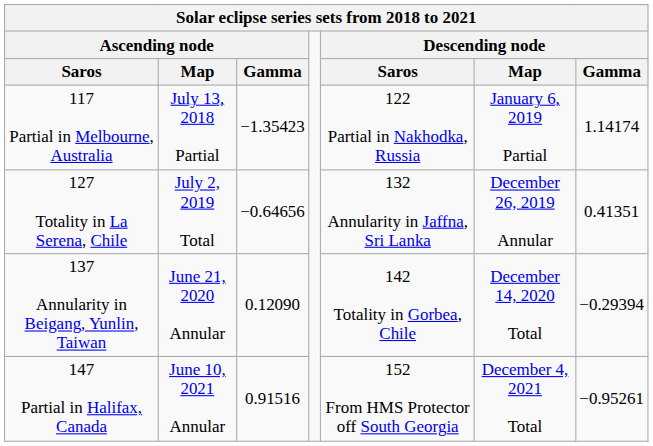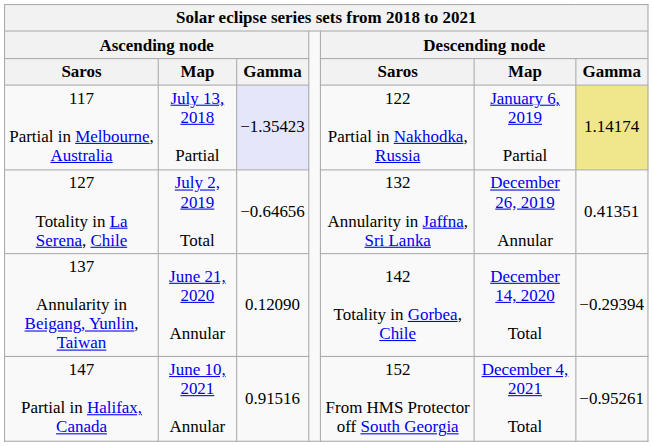 <table class="wikitable">
 <tr>
 <th class="nowrap" colspan="7">Solar eclipse series sets from 2018 to 2021</th>
 </tr>
 <tr>
 <th scope="col" colspan="3">Ascending node</th>
 <td rowspan="6"> </td>
 <th scope="col" colspan="3">Descending node</th>
 </tr>
 <tr style="text-align: center;">
 <th scope="col">Saros</th>
 <th scope="col">Map</th>
 <th scope="col">Gamma</th>
 <th scope="col">Saros</th>
 <th scope="col">Map</th>
 <th scope="col">Gamma</th>
 </tr>
 <tr style="text-align: center;">
 <td>117<br><br>Partial in <a href='#'>Melbourne</a>, <a href='#'>Australia</a></td>
 <td><a href='#'>July 13, 2018</a><br><br>Partial</td>
-<td>−1.35423</td>
+<td style="background: lavender;">−1.35423</td>
 <td>122<br><br>Partial in <a href='#'>Nakhodka</a>, <a href='#'>Russia</a></td>
 <td><a href='#'>January 6, 2019</a><br><br>Partial</td>
-<td>1.14174</td>
+<td style="background: khaki;">1.14174</td>
 </tr>
 <tr style="text-align: center;">
 <td>127<br><br>Totality in <a href='#'>La Serena</a>, <a href='#'>Chile</a></td>
 <td><a href='#'>July 2, 2019</a><br><br>Total</td>
 <td>−0.64656</td>
 <td>132<br> <br>Annularity in <a href='#'>Jaffna</a>, <a href='#'>Sri Lanka</a></td>
 <td><a href='#'>December 26, 2019</a><br><br>Annular</td>
 <td>0.41351</td>
 </tr>
 <tr style="text-align: center;">
 <td>137<br><br>Annularity in <a href='#'>Beigang, Yunlin</a>, <a href='#'>Taiwan</a></td>
 <td><a href='#'>June 21, 2020</a><br><br>Annular</td>
 <td>0.12090</td>
 <td>142<br><br>Totality in <a href='#'>Gorbea</a>, <a href='#'>Chile</a></td>
 <td><a href='#'>December 14, 2020</a><br><br>Total</td>
 <td>−0.29394</td>
 </tr>
 <tr style="text-align: center;">
 <td>147<br><br>Partial in <a href='#'>Halifax, Canada</a></td>
 <td><a href='#'>June 10, 2021</a><br><br>Annular</td>
 <td>0.91516</td>
 <td>152<br><br>From HMS Protector off <a href='#'>South Georgia</a></td>
 <td><a href='#'>December 4, 2021</a><br><br>Total</td>
 <td>−0.95261</td>
 </tr>
 </table>
